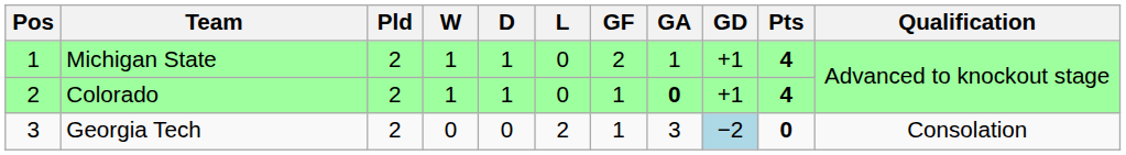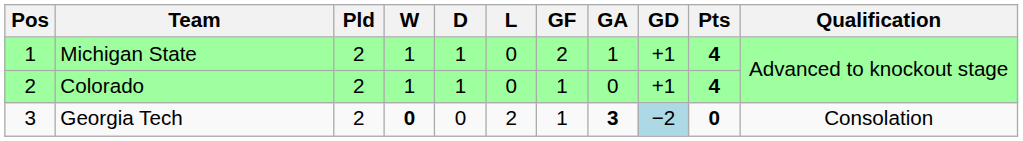 <table class="wikitable" style="text-align:center; margin: 1em auto">
 <tr>
 <th style="width:2em">Pos</th>
 <th style="width:13em">Team</th>
 <th style="width:2em">Pld</th>
 <th style="width:2em">W</th>
 <th style="width:2em">D</th>
 <th style="width:2em">L</th>
 <th style="width:2em">GF</th>
 <th style="width:2em">GA</th>
 <th style="width:2em">GD</th>
 <th style="width:2em">Pts</th>
 <th style="width:13em">Qualification</th>
 </tr>
 <tr bgcolor="#9eff9e">
 <td>1</td>
 <td style="text-align:left">Michigan State</td>
 <td>2</td>
 <td>1</td>
 <td>1</td>
 <td>0</td>
 <td>2</td>
 <td>1</td>
 <td>+1</td>
 <td><strong>4</strong></td>
 <td rowspan="2">Advanced to knockout stage</td>
 </tr>
 <tr bgcolor="#9eff9e">
 <td>2</td>
 <td style="text-align:left">Colorado</td>
 <td>2</td>
 <td>1</td>
 <td>1</td>
 <td>0</td>
 <td>1</td>
-<td><strong>0</strong></td>
+<td>0</td>
 <td>+1</td>
 <td><strong>4</strong></td>
 </tr>
 <tr>
 <td>3</td>
 <td style="text-align:left">Georgia Tech</td>
 <td>2</td>
-<td>0</td>
+<td><strong>0</strong></td>
 <td>0</td>
 <td>2</td>
 <td>1</td>
-<td>3</td>
+<td><strong>3</strong></td>
 <td style="background: lightblue;">−2</td>
 <td><strong>0</strong></td>
 <td>Consolation</td>
 </tr>
 </table>
